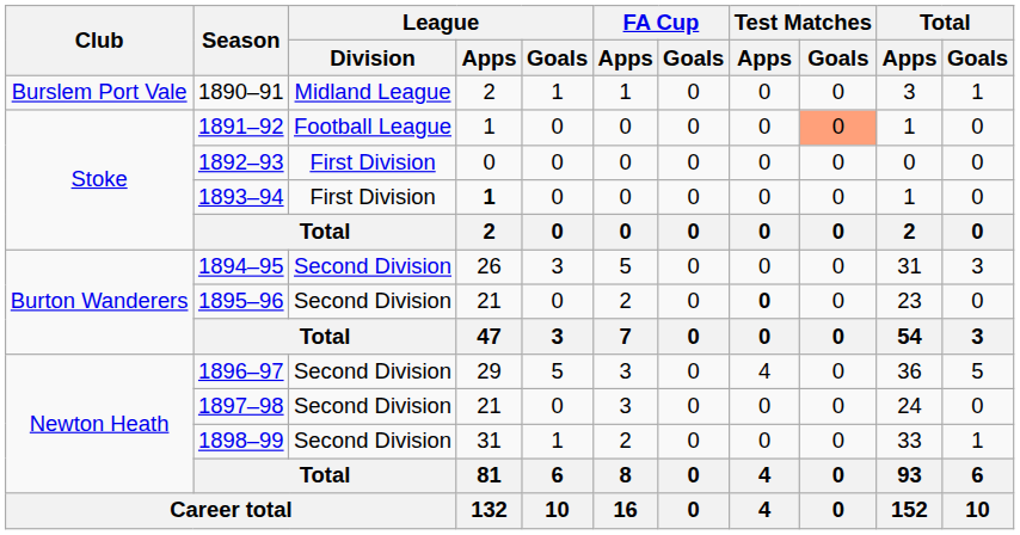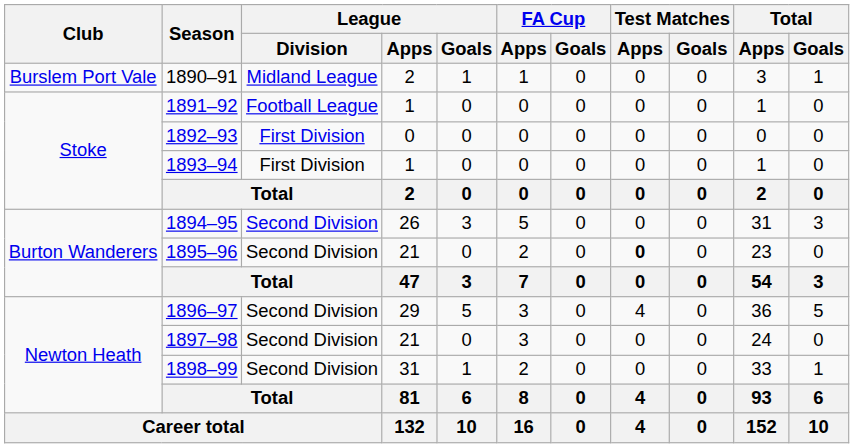 <table class="wikitable" style="text-align:center">
 <tr>
 <th rowspan="2">Club</th>
 <th rowspan="2">Season</th>
 <th colspan="3">League</th>
 <th colspan="2"><a href='#'>FA Cup</a></th>
 <th colspan="2">Test Matches</th>
 <th colspan="2">Total</th>
 </tr>
 <tr>
 <th>Division</th>
 <th>Apps</th>
 <th>Goals</th>
 <th>Apps</th>
 <th>Goals</th>
 <th>Apps</th>
 <th>Goals</th>
 <th>Apps</th>
 <th>Goals</th>
 </tr>
 <tr>
 <td><a href='#'>Burslem Port Vale</a></td>
 <td>1890–91</td>
 <td><a href='#'>Midland League</a></td>
 <td>2</td>
 <td>1</td>
 <td>1</td>
 <td>0</td>
 <td>0</td>
 <td>0</td>
 <td>3</td>
 <td>1</td>
 </tr>
 <tr>
 <td rowspan="4"><a href='#'>Stoke</a></td>
 <td><a href='#'>1891–92</a></td>
 <td><a href='#'>Football League</a></td>
 <td>1</td>
 <td>0</td>
 <td>0</td>
 <td>0</td>
 <td>0</td>
-<td style="background: lightsalmon;">0</td>
+<td>0</td>
 <td>1</td>
 <td>0</td>
 </tr>
 <tr>
 <td><a href='#'>1892–93</a></td>
 <td><a href='#'>First Division</a></td>
 <td>0</td>
 <td>0</td>
 <td>0</td>
 <td>0</td>
 <td>0</td>
 <td>0</td>
 <td>0</td>
 <td>0</td>
 </tr>
 <tr>
 <td><a href='#'>1893–94</a></td>
 <td>First Division</td>
-<td><strong>1</strong></td>
+<td>1</td>
 <td>0</td>
 <td>0</td>
 <td>0</td>
 <td>0</td>
 <td>0</td>
 <td>1</td>
 <td>0</td>
 </tr>
 <tr>
 <th colspan="2">Total</th>
 <th>2</th>
 <th>0</th>
 <th>0</th>
 <th>0</th>
 <th>0</th>
 <th>0</th>
 <th>2</th>
 <th>0</th>
 </tr>
 <tr>
 <td rowspan="3"><a href='#'>Burton Wanderers</a></td>
 <td><a href='#'>1894–95</a></td>
 <td><a href='#'>Second Division</a></td>
 <td>26</td>
 <td>3</td>
 <td>5</td>
 <td>0</td>
 <td>0</td>
 <td>0</td>
 <td>31</td>
 <td>3</td>
 </tr>
 <tr>
 <td><a href='#'>1895–96</a></td>
 <td>Second Division</td>
 <td>21</td>
 <td>0</td>
 <td>2</td>
 <td>0</td>
 <td><strong>0</strong></td>
 <td>0</td>
 <td>23</td>
 <td>0</td>
 </tr>
 <tr>
 <th colspan="2">Total</th>
 <th>47</th>
 <th>3</th>
 <th>7</th>
 <th>0</th>
 <th>0</th>
 <th>0</th>
 <th>54</th>
 <th>3</th>
 </tr>
 <tr>
 <td rowspan="4"><a href='#'>Newton Heath</a></td>
 <td><a href='#'>1896–97</a></td>
 <td>Second Division</td>
 <td>29</td>
 <td>5</td>
 <td>3</td>
 <td>0</td>
 <td>4</td>
 <td>0</td>
 <td>36</td>
 <td>5</td>
 </tr>
 <tr>
 <td><a href='#'>1897–98</a></td>
 <td>Second Division</td>
 <td>21</td>
 <td>0</td>
 <td>3</td>
 <td>0</td>
 <td>0</td>
 <td>0</td>
 <td>24</td>
 <td>0</td>
 </tr>
 <tr>
 <td><a href='#'>1898–99</a></td>
 <td>Second Division</td>
 <td>31</td>
 <td>1</td>
 <td>2</td>
 <td>0</td>
 <td>0</td>
 <td>0</td>
 <td>33</td>
 <td>1</td>
 </tr>
 <tr>
 <th colspan="2">Total</th>
 <th>81</th>
 <th>6</th>
 <th>8</th>
 <th>0</th>
 <th>4</th>
 <th>0</th>
 <th>93</th>
 <th>6</th>
 </tr>
 <tr>
 <th colspan=3>Career total</th>
 <th>132</th>
 <th>10</th>
 <th>16</th>
 <th>0</th>
 <th>4</th>
 <th>0</th>
 <th>152</th>
 <th>10</th>
 </tr>
 </table>
